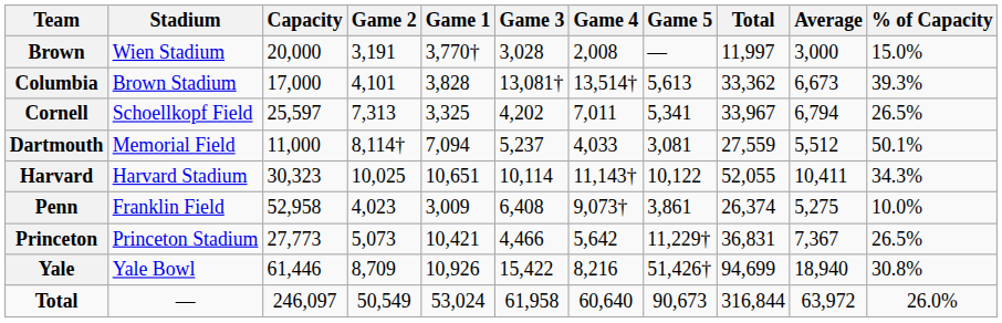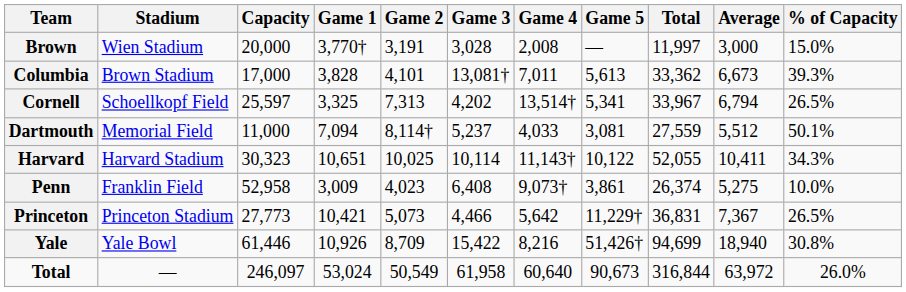 <table class="wikitable sortable">
 <tr>
 <th>Team</th>
 <th>Stadium</th>
 <th>Capacity</th>
+<th>Game 1</th>
 <th>Game 2</th>
-<th>Game 1</th>
 <th>Game 3</th>
 <th>Game 4</th>
 <th>Game 5</th>
 <th>Total</th>
 <th>Average</th>
 <th>% of Capacity</th>
 </tr>
 <tr>
 <th>Brown</th>
 <td><a href='#'>Wien Stadium</a></td>
 <td>20,000</td>
+<td>3,770†</td>
 <td>3,191</td>
-<td>3,770†</td>
 <td>3,028</td>
 <td>2,008</td>
 <td>—</td>
 <td>11,997</td>
 <td>3,000</td>
 <td>15.0%</td>
 </tr>
 <tr>
 <th>Columbia</th>
 <td><a href='#'>Brown Stadium</a></td>
 <td>17,000</td>
+<td>3,828</td>
 <td>4,101</td>
-<td>3,828</td>
 <td>13,081†</td>
-<td>13,514†</td>
+<td>7,011</td>
 <td>5,613</td>
 <td>33,362</td>
 <td>6,673</td>
 <td>39.3%</td>
 </tr>
 <tr>
 <th>Cornell</th>
 <td><a href='#'>Schoellkopf Field</a></td>
 <td>25,597</td>
+<td>3,325</td>
 <td>7,313</td>
-<td>3,325</td>
 <td>4,202</td>
-<td>7,011</td>
+<td>13,514†</td>
 <td>5,341</td>
 <td>33,967</td>
 <td>6,794</td>
 <td>26.5%</td>
 </tr>
 <tr>
 <th>Dartmouth</th>
 <td><a href='#'>Memorial Field</a></td>
 <td>11,000</td>
+<td>7,094</td>
 <td>8,114†</td>
-<td>7,094</td>
 <td>5,237</td>
 <td>4,033</td>
 <td>3,081</td>
 <td>27,559</td>
 <td>5,512</td>
 <td>50.1%</td>
 </tr>
 <tr>
 <th>Harvard</th>
 <td><a href='#'>Harvard Stadium</a></td>
 <td>30,323</td>
+<td>10,651</td>
 <td>10,025</td>
-<td>10,651</td>
 <td>10,114</td>
 <td>11,143†</td>
 <td>10,122</td>
 <td>52,055</td>
 <td>10,411</td>
 <td>34.3%</td>
 </tr>
 <tr>
 <th>Penn</th>
 <td><a href='#'>Franklin Field</a></td>
 <td>52,958</td>
+<td>3,009</td>
 <td>4,023</td>
-<td>3,009</td>
 <td>6,408</td>
 <td>9,073†</td>
 <td>3,861</td>
 <td>26,374</td>
 <td>5,275</td>
 <td>10.0%</td>
 </tr>
 <tr>
 <th>Princeton</th>
 <td><a href='#'>Princeton Stadium</a></td>
 <td>27,773</td>
+<td>10,421</td>
 <td>5,073</td>
-<td>10,421</td>
 <td>4,466</td>
 <td>5,642</td>
 <td>11,229†</td>
 <td>36,831</td>
 <td>7,367</td>
 <td>26.5%</td>
 </tr>
 <tr>
 <th>Yale</th>
 <td><a href='#'>Yale Bowl</a></td>
 <td>61,446</td>
+<td>10,926</td>
 <td>8,709</td>
-<td>10,926</td>
 <td>15,422</td>
 <td>8,216</td>
 <td>51,426†</td>
 <td>94,699</td>
 <td>18,940</td>
 <td>30.8%</td>
 </tr>
 <tr>
 <td align=center><strong>Total</strong></td>
 <td align=center>—</td>
 <td align=center>246,097</td>
+<td align=center>53,024</td>
 <td align=center>50,549</td>
-<td align=center>53,024</td>
 <td align=center>61,958</td>
 <td align=center>60,640</td>
 <td align=center>90,673</td>
 <td align=center>316,844</td>
 <td align=center>63,972</td>
 <td align=center>26.0%</td>
 </tr>
 </table>
